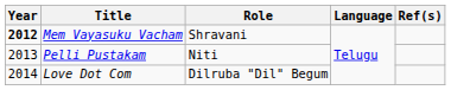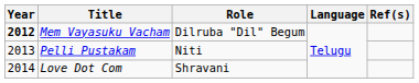 <table class="wikitable sortable">
 <tr>
 <th>Year</th>
 <th>Title</th>
 <th>Role</th>
 <th>Language</th>
 <th>Ref(s)</th>
 </tr>
 <tr>
 <td><strong>2012</strong></td>
 <td><em><a href='#'>Mem Vayasuku Vacham</a></em></td>
-<td>Shravani</td>
+<td>Dilruba "Dil" Begum</td>
 <td rowspan="3"><a href='#'>Telugu</a></td>
 <td></td>
 </tr>
 <tr>
 <td>2013</td>
 <td><em><a href='#'>Pelli Pustakam</a></em></td>
 <td>Niti</td>
 <td></td>
 </tr>
 <tr>
 <td>2014</td>
 <td><em>Love Dot Com</em></td>
-<td>Dilruba "Dil" Begum</td>
+<td>Shravani</td>
 <td></td>
 </tr>
 </table>
